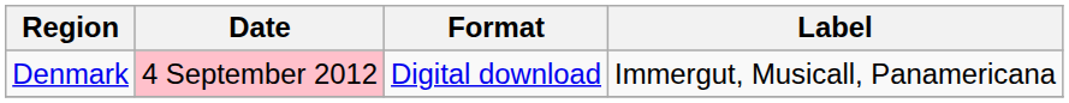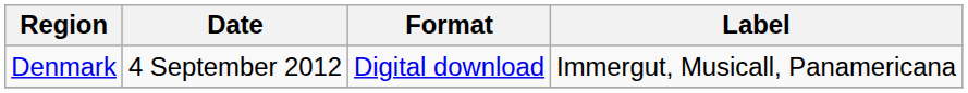 <table class=wikitable>
 <tr>
 <th>Region</th>
 <th>Date</th>
 <th>Format</th>
 <th>Label</th>
 </tr>
 <tr>
 <td><a href='#'>Denmark</a></td>
-<td style="background: pink;">4 September 2012</td>
+<td>4 September 2012</td>
 <td><a href='#'>Digital download</a></td>
 <td>Immergut, Musicall, Panamericana</td>
 </tr>
 <tr>
 </tr>
 </table>
